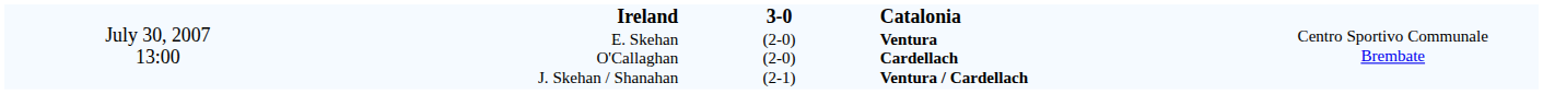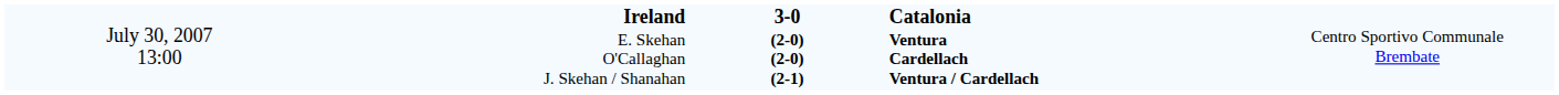 <table style="width: 100%; background:#F5FAFF;" cellspacing="0">
 <tr>
 <td align=center rowspan=3 width=20%>July 30, 2007<br>13:00</td>
 </tr>
 <tr>
 <td width=24% align=right><strong>Ireland</strong></td>
 <td align=center width=13%><strong>3-0</strong></td>
 <td width=24%><strong>Catalonia</strong></td>
 <td style=font-size:85% rowspan=3 valign=middle align=center>Centro Sportivo Communale<br><a href='#'>Brembate</a></td>
 </tr>
 <tr style=font-size:85%>
 <td align=right valign=top>E. Skehan<br>O'Callaghan<br>J. Skehan / Shanahan</td>
-<td align=center>(2-0)<br>(2-0)<br>(2-1)</td>
+<td align=center><strong>(2-0)<br>(2-0)<br>(2-1)</strong></td>
 <td><strong>Ventura<br>Cardellach<br>Ventura / Cardellach</strong></td>
 </tr>
 </table>
